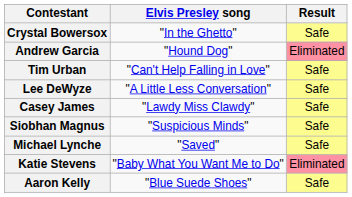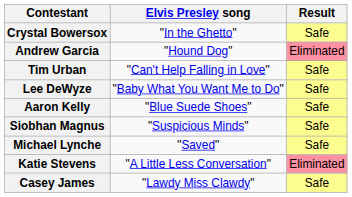 <table class="wikitable unsortable" style="text-align:center;">
 <tr>
 <th scope="col">Contestant</th>
 <th scope="col"><a href='#'>Elvis Presley</a> song</th>
 <th scope="col">Result</th>
 </tr>
 <tr>
 <th scope="row">Crystal Bowersox</th>
 <td>"<a href='#'>In the Ghetto</a>"</td>
 <td style="background:#FDFC8F">Safe</td>
 </tr>
 <tr>
 <th scope="row">Andrew Garcia</th>
 <td>"<a href='#'>Hound Dog</a>"</td>
 <td bgcolor="FF91A4">Eliminated</td>
 </tr>
 <tr>
 <th scope="row">Tim Urban</th>
 <td>"<a href='#'>Can't Help Falling in Love</a>"</td>
 <td style="background:#FDFC8F">Safe</td>
 </tr>
 <tr>
 <th scope="row">Lee DeWyze</th>
-<td>"<a href='#'>A Little Less Conversation</a>"</td>
+<td>"<a href='#'>Baby What You Want Me to Do</a>"</td>
 <td style="background:#FDFC8F">Safe</td>
 </tr>
 <tr>
-<th scope="row">Casey James</th>
-<td>"<a href='#'>Lawdy Miss Clawdy</a>"</td>
+<th scope="row">Aaron Kelly</th>
+<td>"<a href='#'>Blue Suede Shoes</a>"</td>
 <td style="background:#FDFC8F">Safe</td>
 </tr>
 <tr>
 <th scope="row">Siobhan Magnus</th>
 <td>"<a href='#'>Suspicious Minds</a>"</td>
 <td style="background:#FDFC8F">Safe</td>
 </tr>
 <tr>
 <th scope="row">Michael Lynche</th>
 <td>"<a href='#'>Saved</a>"</td>
 <td style="background:#FDFC8F">Safe</td>
 </tr>
 <tr>
 <th scope="row">Katie Stevens</th>
-<td>"<a href='#'>Baby What You Want Me to Do</a>"</td>
+<td>"<a href='#'>A Little Less Conversation</a>"</td>
 <td bgcolor="FF91A4">Eliminated</td>
 </tr>
 <tr>
-<th scope="row">Aaron Kelly</th>
-<td>"<a href='#'>Blue Suede Shoes</a>"</td>
+<th scope="row">Casey James</th>
+<td>"<a href='#'>Lawdy Miss Clawdy</a>"</td>
 <td style="background:#FDFC8F">Safe</td>
 </tr>
 </table>
